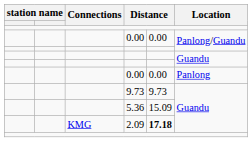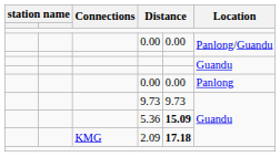 <table class="wikitable">
 <tr>
 <th colspan="2">station name</th>
 <th rowspan="2">Connections</th>
 <th colspan="2" rowspan="2">Distance<br></th>
 <th rowspan="2">Location</th>
 </tr>
 <tr>
 <th></th>
 <th></th>
 </tr>
 <tr style="background:#">
 <td colspan = "7"></td>
 </tr>
 <tr>
 <td></td>
 <td></td>
 <td></td>
 <td>0.00</td>
 <td>0.00</td>
 <td rowspan="2"><a href='#'>Panlong</a>/<a href='#'>Guandu</a></td>
 </tr>
 <tr>
 <td></td>
 <td></td>
 <td></td>
 <td></td>
 <td></td>
 </tr>
 <tr>
 <td></td>
 <td></td>
 <td></td>
 <td></td>
 <td></td>
 <td rowspan="2"><a href='#'>Guandu</a></td>
 </tr>
 <tr>
 <td></td>
 <td></td>
 <td></td>
 <td></td>
 <td></td>
 </tr>
 <tr>
 <td></td>
 <td></td>
 <td></td>
 <td>0.00</td>
 <td>0.00</td>
 <td><a href='#'>Panlong</a></td>
 </tr>
 <tr>
 <td></td>
 <td></td>
 <td></td>
 <td>9.73</td>
 <td>9.73</td>
 <td rowspan="3"><a href='#'>Guandu</a></td>
 </tr>
 <tr>
 <td></td>
 <td></td>
 <td></td>
 <td>5.36</td>
-<td>15.09</td>
+<td><strong>15.09</strong></td>
 </tr>
 <tr>
 <td></td>
 <td></td>
 <td> <a href='#'>KMG</a></td>
 <td>2.09</td>
 <td><strong>17.18</strong></td>
 </tr>
 <tr style="background:#">
 <td colspan = "7"></td>
 </tr>
 </table>
